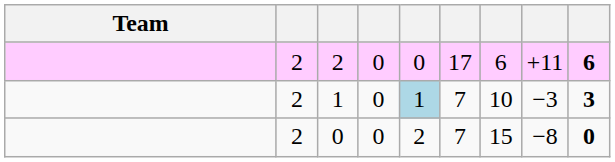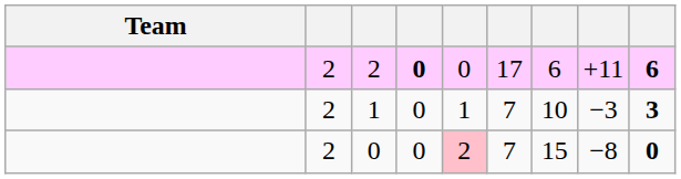 <table class="wikitable" style="text-align: center;">
 <tr>
 <th width="175">Team</th>
 <th width="20"></th>
 <th width="20"></th>
 <th width="20"></th>
 <th width="20"></th>
 <th width="20"></th>
 <th width="20"></th>
 <th width="20"></th>
 <th width="20"></th>
 </tr>
 <tr style="background-color: #ffccff;">
 <td align=left></td>
 <td>2</td>
 <td>2</td>
-<td>0</td>
+<td><strong>0</strong></td>
 <td>0</td>
 <td>17</td>
 <td>6</td>
 <td>+11</td>
 <td><strong>6</strong></td>
 </tr>
 <tr>
 <td align=left></td>
 <td>2</td>
 <td>1</td>
 <td>0</td>
-<td style="background: lightblue;">1</td>
+<td>1</td>
 <td>7</td>
 <td>10</td>
 <td>−3</td>
 <td><strong>3</strong></td>
 </tr>
 <tr>
 <td align=left></td>
 <td>2</td>
 <td>0</td>
 <td>0</td>
-<td>2</td>
+<td style="background: pink;">2</td>
 <td>7</td>
 <td>15</td>
 <td>−8</td>
 <td><strong>0</strong></td>
 </tr>
 </table>
